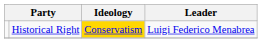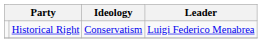 <table class=wikitable style="font-size:100%">
 <tr>
 <th colspan=2>Party</th>
 <th>Ideology</th>
 <th>Leader</th>
 </tr>
 <tr>
 <td style="color:inherit;background:"></td>
 <td><a href='#'>Historical Right</a></td>
-<td style="background: gold;"><a href='#'>Conservatism</a></td>
+<td><a href='#'>Conservatism</a></td>
 <td><a href='#'>Luigi Federico Menabrea</a></td>
 </tr>
 <tr>
 </tr>
 </table>
